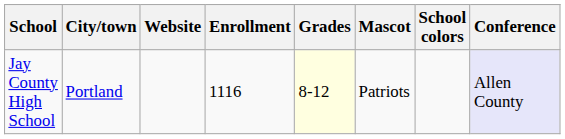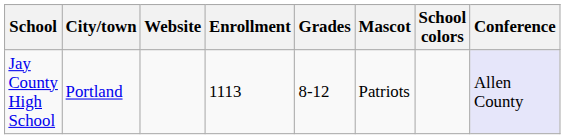 <table class="wikitable sortable" width="70%">
 <tr>
 <th width="20%">School</th>
 <th width="08%">City/town</th>
 <th width="06%">Website</th>
 <th width="04%">Enrollment</th>
 <th width="04%">Grades</th>
 <th width="04%">Mascot</th>
 <th width=01%>School colors</th>
 <th width="04%">Conference</th>
 </tr>
 <tr>
 <td><a href='#'>Jay County High School</a></td>
 <td><a href='#'>Portland</a></td>
 <td></td>
-<td>1116</td>
-<td style="background: lightyellow;">8-12</td>
+<td>1113</td>
+<td>8-12</td>
 <td>Patriots</td>
 <td>  </td>
 <td style="background: lavender;">Allen County</td>
 </tr>
 </table>
